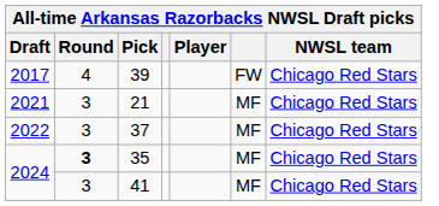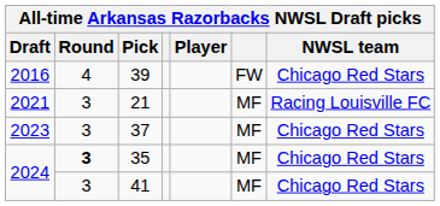 <table class="wikitable sortable" style="text-align: center;">
 <tr>
 <th colspan="7" style="background:#">All-time <a href='#'><span>Arkansas Razorbacks</span></a> NWSL Draft picks</th>
 </tr>
 <tr>
 <th scope="col">Draft</th>
 <th scope="col">Round</th>
 <th scope="col">Pick</th>
 <th scope="col"></th>
 <th scope="col">Player</th>
 <th scope="col"></th>
 <th scope="col">NWSL team</th>
 </tr>
 <tr>
-<td><a href='#'>2017</a></td>
+<td><a href='#'>2016</a></td>
 <td>4</td>
 <td>39</td>
 <td></td>
 <td></td>
 <td>FW</td>
 <td><a href='#'>Chicago Red Stars</a></td>
 </tr>
 <tr>
 <td><a href='#'>2021</a></td>
 <td>3</td>
 <td>21</td>
 <td></td>
 <td></td>
 <td>MF</td>
-<td><a href='#'>Chicago Red Stars</a></td>
+<td><a href='#'>Racing Louisville FC</a></td>
 </tr>
 <tr>
-<td><a href='#'>2022</a></td>
+<td><a href='#'>2023</a></td>
 <td>3</td>
 <td>37</td>
 <td></td>
 <td></td>
 <td>MF</td>
 <td><a href='#'>Chicago Red Stars</a></td>
 </tr>
 <tr>
 <td rowspan="2"><a href='#'>2024</a></td>
 <td><strong>3</strong></td>
 <td>35</td>
 <td></td>
 <td></td>
 <td>MF</td>
 <td><a href='#'>Chicago Red Stars</a></td>
 </tr>
 <tr>
 <td>3</td>
 <td>41</td>
 <td></td>
 <td></td>
 <td>MF</td>
 <td><a href='#'>Chicago Red Stars</a></td>
 </tr>
 </table>
